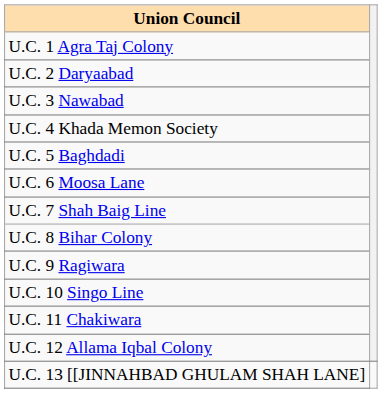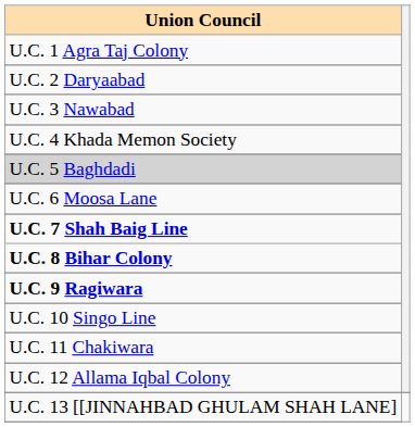 <table class="sortable wikitable" align="left">
 <tr>
 <th style="background:#ffdead;"><strong>Union Council</strong></th>
 <th rowspan="13" style="border-bottom:1px solid grey;" valign="top" class="unsortable"><br><br></th>
 </tr>
 <tr>
 <td style="border-bottom:1px solid grey;">U.C. 1 <a href='#'>Agra Taj Colony</a></td>
 </tr>
 <tr>
 <td style="border-bottom:1px solid grey;">U.C. 2 <a href='#'>Daryaabad</a></td>
 </tr>
 <tr>
 <td style="border-bottom:1px solid grey;">U.C. 3 <a href='#'>Nawabad</a></td>
 </tr>
 <tr>
 <td style="border-bottom:1px solid grey;">U.C. 4 Khada Memon Society</td>
 </tr>
 <tr>
-<td style="border-bottom:1px solid grey;">U.C. 5 <a href='#'>Baghdadi</a></td>
+<td style="background: lightgrey; border-bottom:1px solid grey;">U.C. 5 <a href='#'>Baghdadi</a></td>
 </tr>
 <tr>
 <td style="border-bottom:1px solid grey;">U.C. 6 <a href='#'>Moosa Lane</a></td>
 </tr>
 <tr>
-<td>U.C. 7 <a href='#'>Shah Baig Line</a></td>
+<td><strong>U.C. 7 <a href='#'>Shah Baig Line</a></strong></td>
 </tr>
 <tr>
-<td style="border-bottom:1px solid grey;">U.C. 8 <a href='#'>Bihar Colony</a></td>
+<td style="border-bottom:1px solid grey;"><strong>U.C. 8 <a href='#'>Bihar Colony</a></strong></td>
 </tr>
 <tr>
-<td style="border-bottom:1px solid grey;">U.C. 9 <a href='#'>Ragiwara</a></td>
+<td style="border-bottom:1px solid grey;"><strong>U.C. 9 <a href='#'>Ragiwara</a></strong></td>
 </tr>
 <tr>
 <td style="border-bottom:1px solid grey;">U.C. 10 <a href='#'>Singo Line</a></td>
 </tr>
 <tr>
 <td style="border-bottom:1px solid grey;">U.C. 11 <a href='#'>Chakiwara</a></td>
 </tr>
 <tr>
 <td style="border-bottom:1px solid grey;">U.C. 12 <a href='#'>Allama Iqbal Colony</a></td>
 </tr>
 <tr>
 <td style="border-bottom:1px solid grey;">U.C. 13 [[JINNAHBAD GHULAM SHAH LANE]</td>
 </tr>
 </table>
